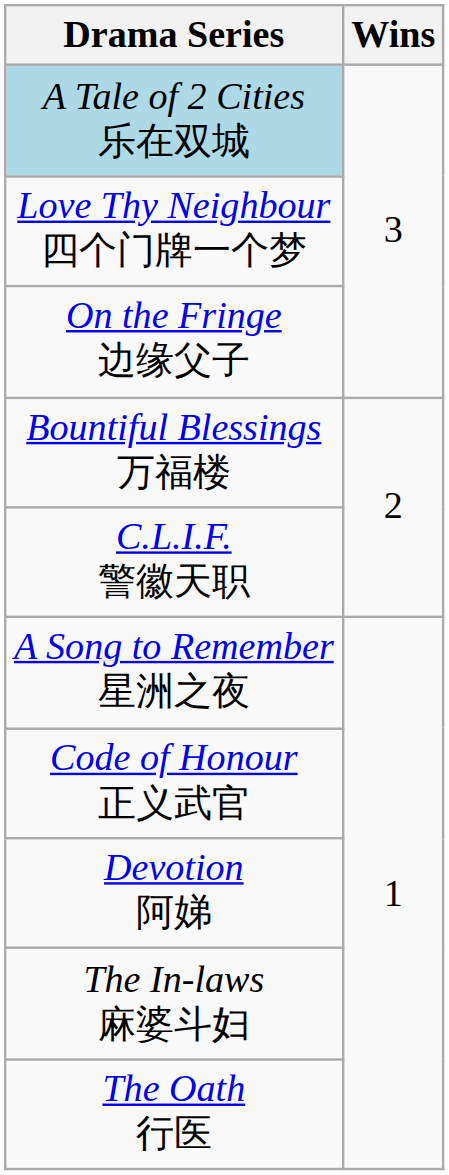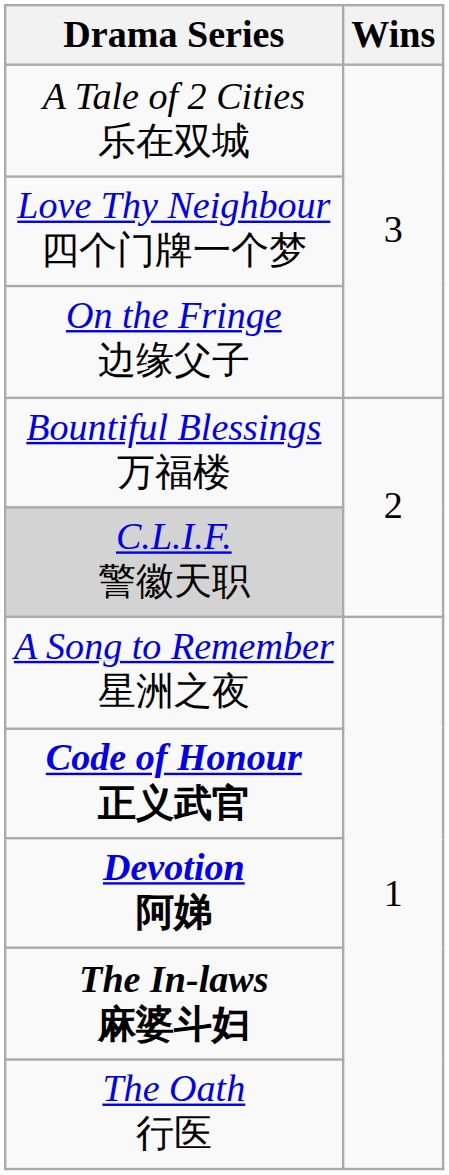 <table class="wikitable" style="text-align: center">
 <tr>
 <th>Drama Series</th>
 <th>Wins</th>
 </tr>
 <tr>
-<td style="background: lightblue;"><em>A Tale of 2 Cities</em><br>乐在双城</td>
+<td><em>A Tale of 2 Cities</em><br>乐在双城</td>
 <td rowspan=3>3</td>
 </tr>
 <tr>
 <td><em><a href='#'>Love Thy Neighbour</a></em><br>四个门牌一个梦</td>
 </tr>
 <tr>
 <td><em><a href='#'>On the Fringe</a></em><br>边缘父子</td>
 </tr>
 <tr>
 <td><em><a href='#'>Bountiful Blessings</a></em><br>万福楼</td>
 <td rowspan=2>2</td>
 </tr>
 <tr>
-<td><em><a href='#'>C.L.I.F.</a></em><br>警徽天职</td>
+<td style="background: lightgrey;"><em><a href='#'>C.L.I.F.</a></em><br>警徽天职</td>
 </tr>
 <tr>
 <td><em><a href='#'>A Song to Remember</a></em><br>星洲之夜</td>
 <td rowspan=5>1</td>
 </tr>
 <tr>
-<td><em><a href='#'>Code of Honour</a></em><br>正义武官</td>
+<td><strong><em><a href='#'>Code of Honour</a></em><br>正义武官</strong></td>
 </tr>
 <tr>
-<td><em><a href='#'>Devotion</a></em><br>阿娣</td>
+<td><strong><em><a href='#'>Devotion</a></em><br>阿娣</strong></td>
 </tr>
 <tr>
-<td><em>The In-laws</em><br>麻婆斗妇</td>
+<td><strong><em>The In-laws</em><br>麻婆斗妇</strong></td>
 </tr>
 <tr>
 <td><em><a href='#'>The Oath</a></em><br>行医</td>
 </tr>
 </table>
